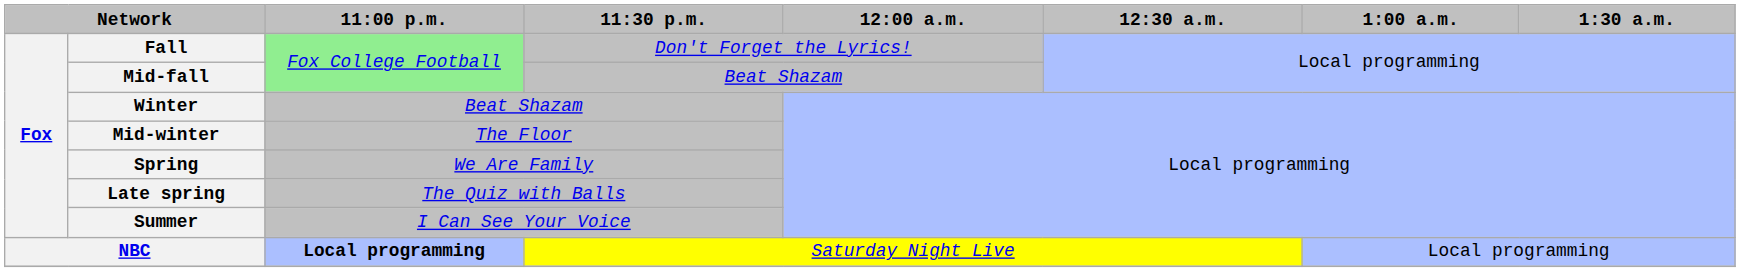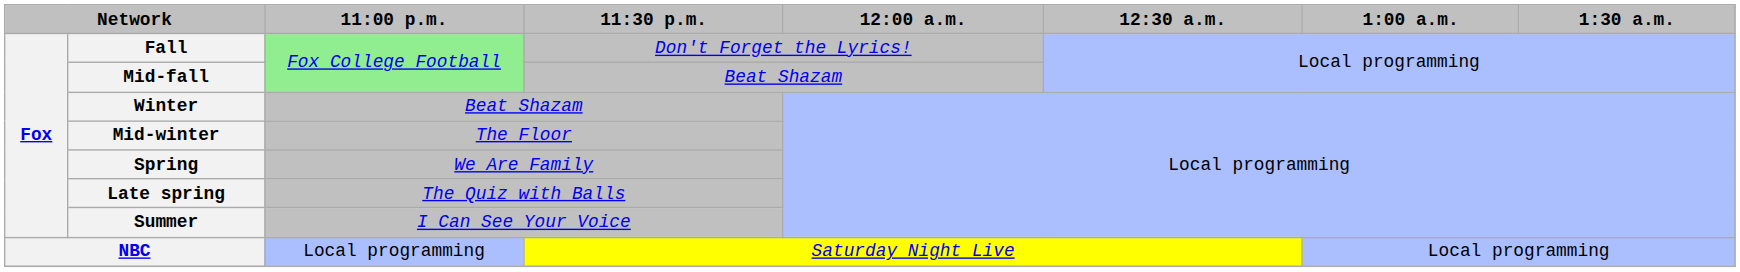 <table class="wikitable" style="width:100%;margin-right:0;text-align:center">
 <tr>
 <th colspan="2" style="background-color:#C0C0C0;text-align:center">Network</th>
 <th style="background-color:#C0C0C0;text-align:center;width:15%">11:00 p.m.</th>
 <th style="background-color:#C0C0C0;text-align:center;width:15%">11:30 p.m.</th>
 <th style="background-color:#C0C0C0;text-align:center;width:15%">12:00 a.m.</th>
 <th style="background-color:#C0C0C0;text-align:center;width:15%">12:30 a.m.</th>
 <th style="background-color:#C0C0C0;text-align:center;width:12.5%">1:00 a.m.</th>
 <th style="background-color:#C0C0C0;text-align:center;width:12.5%">1:30 a.m.</th>
 </tr>
 <tr>
 <th rowspan="7"><a href='#'>Fox</a></th>
 <th>Fall</th>
 <td rowspan="2" style="background:lightgreen"><em><a href='#'>Fox College Football</a></em> </td>
 <td colspan="2" style="background:#C0C0C0"><em><a href='#'>Don't Forget the Lyrics!</a></em> </td>
 <td colspan="3" rowspan="2" style="background:#abbfff">Local programming</td>
 </tr>
 <tr>
 <th>Mid-fall</th>
 <td colspan="2" style="background:#C0C0C0"><em><a href='#'>Beat Shazam</a></em> </td>
 </tr>
 <tr>
 <th>Winter</th>
 <td colspan="2" style="background:#C0C0C0"><em><a href='#'>Beat Shazam</a></em> </td>
 <td colspan="4" rowspan="5" style="background:#abbfff">Local programming</td>
 </tr>
 <tr>
 <th>Mid-winter</th>
 <td colspan="2" style="background:#C0C0C0"><em><a href='#'>The Floor</a></em> </td>
 </tr>
 <tr>
 <th>Spring</th>
 <td colspan="2" style="background:#C0C0C0"><em><a href='#'>We Are Family</a></em> </td>
 </tr>
 <tr>
 <th>Late spring</th>
 <td colspan="2" style="background:#C0C0C0"><em><a href='#'>The Quiz with Balls</a></em> </td>
 </tr>
 <tr>
 <th>Summer</th>
 <td colspan="2" style="background:#C0C0C0"><em><a href='#'>I Can See Your Voice</a></em>  </td>
 </tr>
 <tr>
 <th colspan="2"><a href='#'>NBC</a></th>
-<td style="background:#abbfff"><strong>Local programming</strong></td>
+<td style="background:#abbfff">Local programming</td>
 <td colspan="3" style="background:yellow"><em><a href='#'>Saturday Night Live</a></em></td>
 <td colspan="2" style="background:#abbfff">Local programming</td>
 </tr>
 <tr>
 </tr>
 </table>
